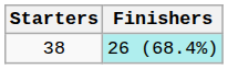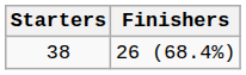 <table class="wikitable" style="font-size:85%;">
 <tr>
 <th>Starters</th>
 <th>Finishers</th>
 </tr>
 <tr>
 <td align=center>38</td>
-<td align=center style="background: paleturquoise;">26 (68.4%)</td>
+<td align=center>26 (68.4%)</td>
 </tr>
 </table>
